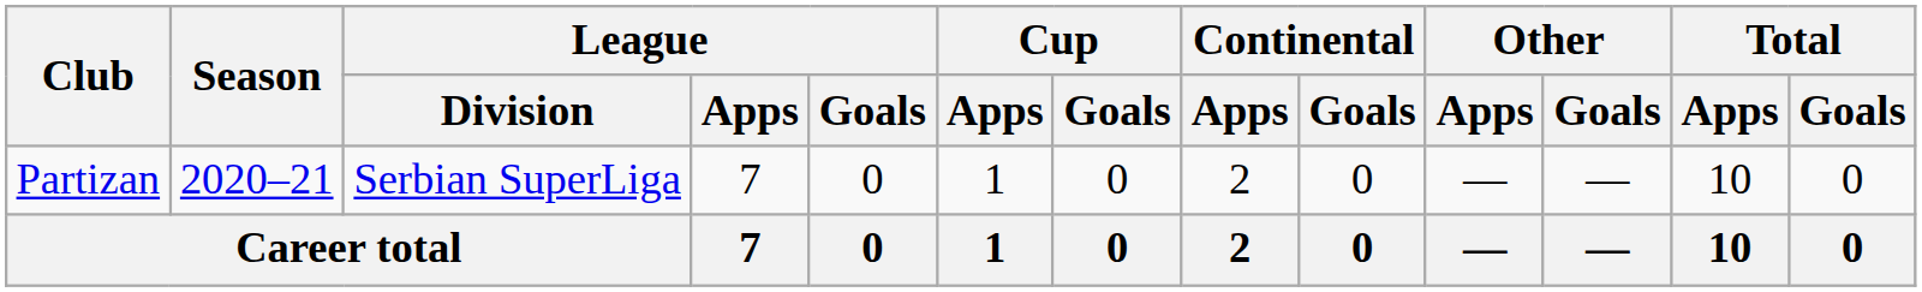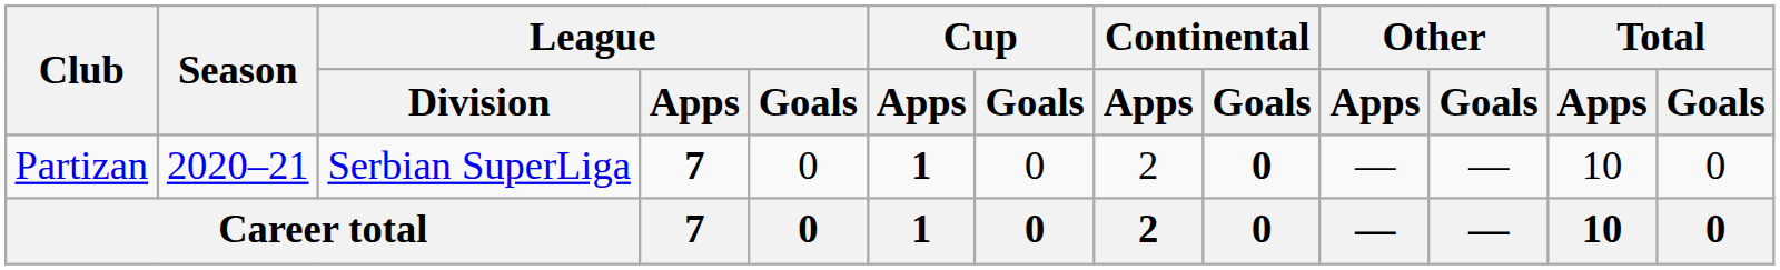 <table class=wikitable style=text-align:center>
 <tr>
 <th rowspan=2>Club</th>
 <th rowspan=2>Season</th>
 <th colspan=3>League</th>
 <th colspan=2>Cup</th>
 <th colspan=2>Continental</th>
 <th colspan=2>Other</th>
 <th colspan=2>Total</th>
 </tr>
 <tr>
 <th>Division</th>
 <th>Apps</th>
 <th>Goals</th>
 <th>Apps</th>
 <th>Goals</th>
 <th>Apps</th>
 <th>Goals</th>
 <th>Apps</th>
 <th>Goals</th>
 <th>Apps</th>
 <th>Goals</th>
 </tr>
 <tr>
 <td rowspan=1><a href='#'>Partizan</a></td>
 <td><a href='#'>2020–21</a></td>
 <td><a href='#'>Serbian SuperLiga</a></td>
-<td>7</td>
+<td><strong>7</strong></td>
 <td>0</td>
-<td>1</td>
+<td><strong>1</strong></td>
 <td>0</td>
 <td>2</td>
-<td>0</td>
+<td><strong>0</strong></td>
 <td>—</td>
 <td>—</td>
 <td>10</td>
 <td>0</td>
 </tr>
 <tr>
 <th colspan=3>Career total</th>
 <th>7</th>
 <th>0</th>
 <th>1</th>
 <th>0</th>
 <th>2</th>
 <th>0</th>
 <th>—</th>
 <th>—</th>
 <th>10</th>
 <th>0</th>
 </tr>
 </table>
